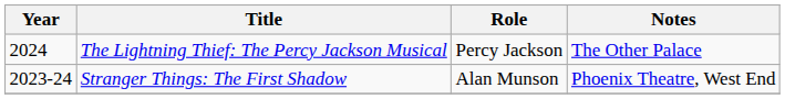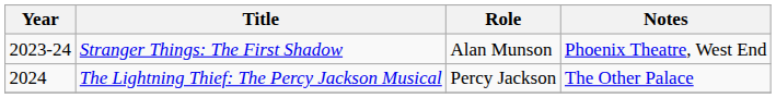 <table class="wikitable sortable">
 <tr>
 <th>Year</th>
 <th>Title</th>
 <th>Role</th>
 <th class="unsortable">Notes</th>
 </tr>
 <tr>
+<td>2023-24</td>
+<td><em><a href='#'>Stranger Things: The First Shadow</a></em></td>
+<td>Alan Munson</td>
+<td><a href='#'>Phoenix Theatre</a>, West End</td>
+</tr>
+<tr>
 <td>2024</td>
 <td><em><a href='#'>The Lightning Thief: The Percy Jackson Musical</a></em></td>
 <td>Percy Jackson</td>
 <td><a href='#'>The Other Palace</a></td>
 </tr>
 <tr>
-<td>2023-24</td>
-<td><em><a href='#'>Stranger Things: The First Shadow</a></em></td>
-<td>Alan Munson</td>
-<td><a href='#'>Phoenix Theatre</a>, West End</td>
-</tr>
-<tr>
 </tr>
 </table>
